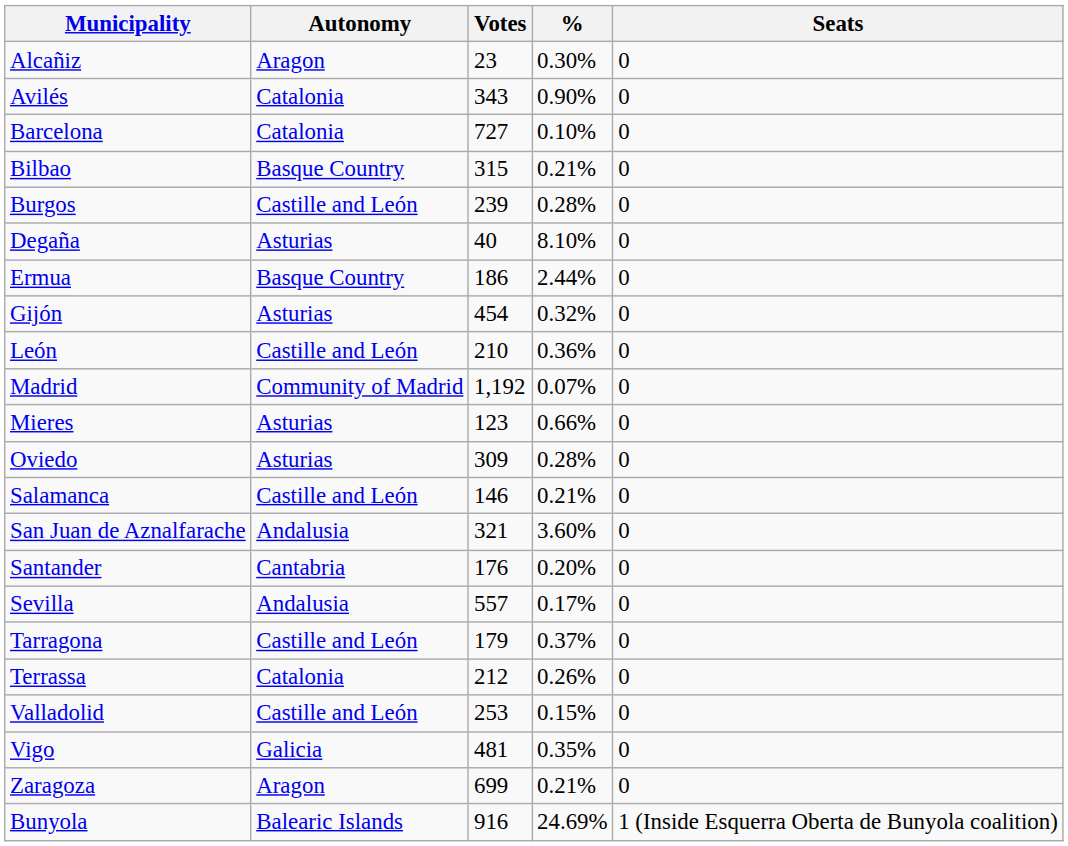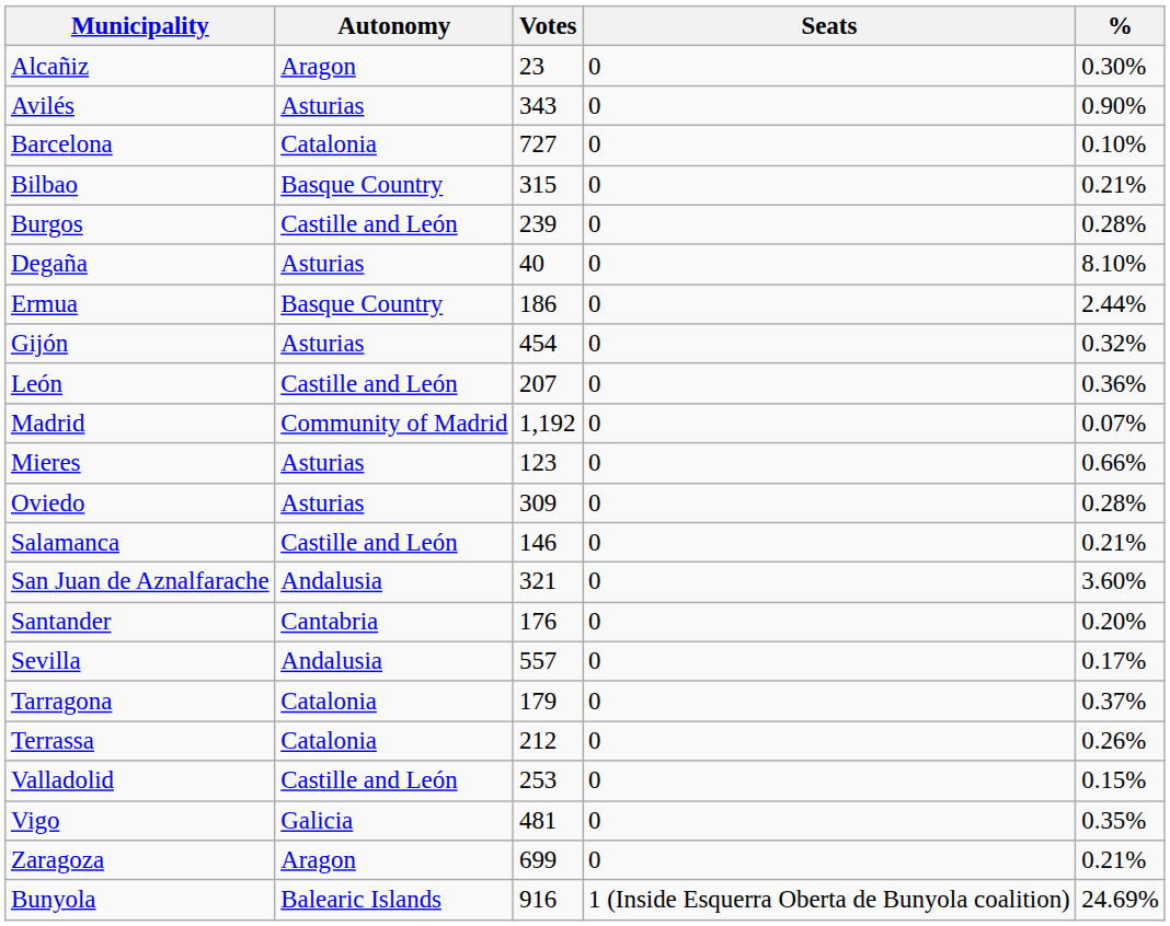 <table class="wikitable sortable" style="display: inline-table;">
 <tr>
 <th><a href='#'>Municipality</a></th>
 <th>Autonomy</th>
 <th>Votes</th>
+<th>Seats</th>
 <th>%</th>
-<th>Seats</th>
 </tr>
 <tr>
 <td><a href='#'>Alcañiz</a></td>
 <td><a href='#'>Aragon</a></td>
 <td>23</td>
+<td>0</td>
 <td>0.30%</td>
-<td>0</td>
 </tr>
 <tr>
 <td><a href='#'>Avilés</a></td>
-<td><a href='#'>Catalonia</a></td>
+<td><a href='#'>Asturias</a></td>
 <td>343</td>
+<td>0</td>
 <td>0.90%</td>
-<td>0</td>
 </tr>
 <tr>
 <td><a href='#'>Barcelona</a></td>
 <td><a href='#'>Catalonia</a></td>
 <td>727</td>
+<td>0</td>
 <td>0.10%</td>
-<td>0</td>
 </tr>
 <tr>
 <td><a href='#'>Bilbao</a></td>
 <td><a href='#'>Basque Country</a></td>
 <td>315</td>
+<td>0</td>
 <td>0.21%</td>
-<td>0</td>
 </tr>
 <tr>
 <td><a href='#'>Burgos</a></td>
 <td><a href='#'>Castille and León</a></td>
 <td>239</td>
+<td>0</td>
 <td>0.28%</td>
-<td>0</td>
 </tr>
 <tr>
 <td><a href='#'>Degaña</a></td>
 <td><a href='#'>Asturias</a></td>
 <td>40</td>
+<td>0</td>
 <td>8.10%</td>
-<td>0</td>
 </tr>
 <tr>
 <td><a href='#'>Ermua</a></td>
 <td><a href='#'>Basque Country</a></td>
 <td>186</td>
+<td>0</td>
 <td>2.44%</td>
-<td>0</td>
 </tr>
 <tr>
 <td><a href='#'>Gijón</a></td>
 <td><a href='#'>Asturias</a></td>
 <td>454</td>
+<td>0</td>
 <td>0.32%</td>
-<td>0</td>
 </tr>
 <tr>
 <td><a href='#'>León</a></td>
 <td><a href='#'>Castille and León</a></td>
-<td>210</td>
+<td>207</td>
+<td>0</td>
 <td>0.36%</td>
-<td>0</td>
 </tr>
 <tr>
 <td><a href='#'>Madrid</a></td>
 <td><a href='#'>Community of Madrid</a></td>
 <td>1,192</td>
+<td>0</td>
 <td>0.07%</td>
-<td>0</td>
 </tr>
 <tr>
 <td><a href='#'>Mieres</a></td>
 <td><a href='#'>Asturias</a></td>
 <td>123</td>
+<td>0</td>
 <td>0.66%</td>
-<td>0</td>
 </tr>
 <tr>
 <td><a href='#'>Oviedo</a></td>
 <td><a href='#'>Asturias</a></td>
 <td>309</td>
+<td>0</td>
 <td>0.28%</td>
-<td>0</td>
 </tr>
 <tr>
 <td><a href='#'>Salamanca</a></td>
 <td><a href='#'>Castille and León</a></td>
 <td>146</td>
+<td>0</td>
 <td>0.21%</td>
-<td>0</td>
 </tr>
 <tr>
 <td><a href='#'>San Juan de Aznalfarache</a></td>
 <td><a href='#'>Andalusia</a></td>
 <td>321</td>
+<td>0</td>
 <td>3.60%</td>
-<td>0</td>
 </tr>
 <tr>
 <td><a href='#'>Santander</a></td>
 <td><a href='#'>Cantabria</a></td>
 <td>176</td>
+<td>0</td>
 <td>0.20%</td>
-<td>0</td>
 </tr>
 <tr>
 <td><a href='#'>Sevilla</a></td>
 <td><a href='#'>Andalusia</a></td>
 <td>557</td>
+<td>0</td>
 <td>0.17%</td>
-<td>0</td>
 </tr>
 <tr>
 <td><a href='#'>Tarragona</a></td>
-<td><a href='#'>Castille and León</a></td>
+<td><a href='#'>Catalonia</a></td>
 <td>179</td>
+<td>0</td>
 <td>0.37%</td>
-<td>0</td>
 </tr>
 <tr>
 <td><a href='#'>Terrassa</a></td>
 <td><a href='#'>Catalonia</a></td>
 <td>212</td>
+<td>0</td>
 <td>0.26%</td>
-<td>0</td>
 </tr>
 <tr>
 <td><a href='#'>Valladolid</a></td>
 <td><a href='#'>Castille and León</a></td>
 <td>253</td>
+<td>0</td>
 <td>0.15%</td>
-<td>0</td>
 </tr>
 <tr>
 <td><a href='#'>Vigo</a></td>
 <td><a href='#'>Galicia</a></td>
 <td>481</td>
+<td>0</td>
 <td>0.35%</td>
-<td>0</td>
 </tr>
 <tr>
 <td><a href='#'>Zaragoza</a></td>
 <td><a href='#'>Aragon</a></td>
 <td>699</td>
+<td>0</td>
 <td>0.21%</td>
-<td>0</td>
 </tr>
 <tr>
 <td><a href='#'>Bunyola</a></td>
 <td><a href='#'>Balearic Islands</a></td>
 <td>916</td>
+<td>1 (Inside Esquerra Oberta de Bunyola coalition)</td>
 <td>24.69%</td>
-<td>1 (Inside Esquerra Oberta de Bunyola coalition)</td>
 </tr>
 </table>
